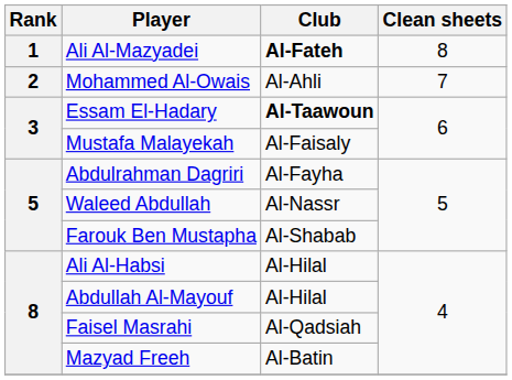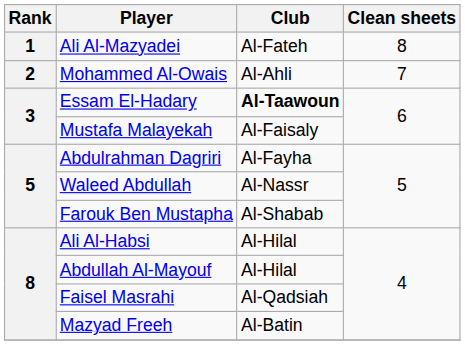 <table class=wikitable>
 <tr>
 <th>Rank</th>
 <th>Player</th>
 <th>Club</th>
 <th>Clean sheets</th>
 </tr>
 <tr>
 <th>1</th>
 <td> <a href='#'>Ali Al-Mazyadei</a></td>
-<td><strong>Al-Fateh</strong></td>
+<td>Al-Fateh</td>
 <td align=center>8</td>
 </tr>
 <tr>
 <th>2</th>
 <td> <a href='#'>Mohammed Al-Owais</a></td>
 <td>Al-Ahli</td>
 <td align=center>7</td>
 </tr>
 <tr>
 <th rowspan=2>3</th>
 <td> <a href='#'>Essam El-Hadary</a></td>
 <td><strong>Al-Taawoun</strong></td>
 <td align=center rowspan=2>6</td>
 </tr>
 <tr>
 <td> <a href='#'>Mustafa Malayekah</a></td>
 <td>Al-Faisaly</td>
 </tr>
 <tr>
 <th rowspan=3>5</th>
 <td> <a href='#'>Abdulrahman Dagriri</a></td>
 <td>Al-Fayha</td>
 <td align=center rowspan=3>5</td>
 </tr>
 <tr>
 <td> <a href='#'>Waleed Abdullah</a></td>
 <td>Al-Nassr</td>
 </tr>
 <tr>
 <td> <a href='#'>Farouk Ben Mustapha</a></td>
 <td>Al-Shabab</td>
 </tr>
 <tr>
 <th rowspan=4>8</th>
 <td> <a href='#'>Ali Al-Habsi</a></td>
 <td>Al-Hilal</td>
 <td align=center rowspan=4>4</td>
 </tr>
 <tr>
 <td> <a href='#'>Abdullah Al-Mayouf</a></td>
 <td>Al-Hilal</td>
 </tr>
 <tr>
 <td> <a href='#'>Faisel Masrahi</a></td>
 <td>Al-Qadsiah</td>
 </tr>
 <tr>
 <td> <a href='#'>Mazyad Freeh</a></td>
 <td>Al-Batin</td>
 </tr>
 <tr>
 </tr>
 </table>
